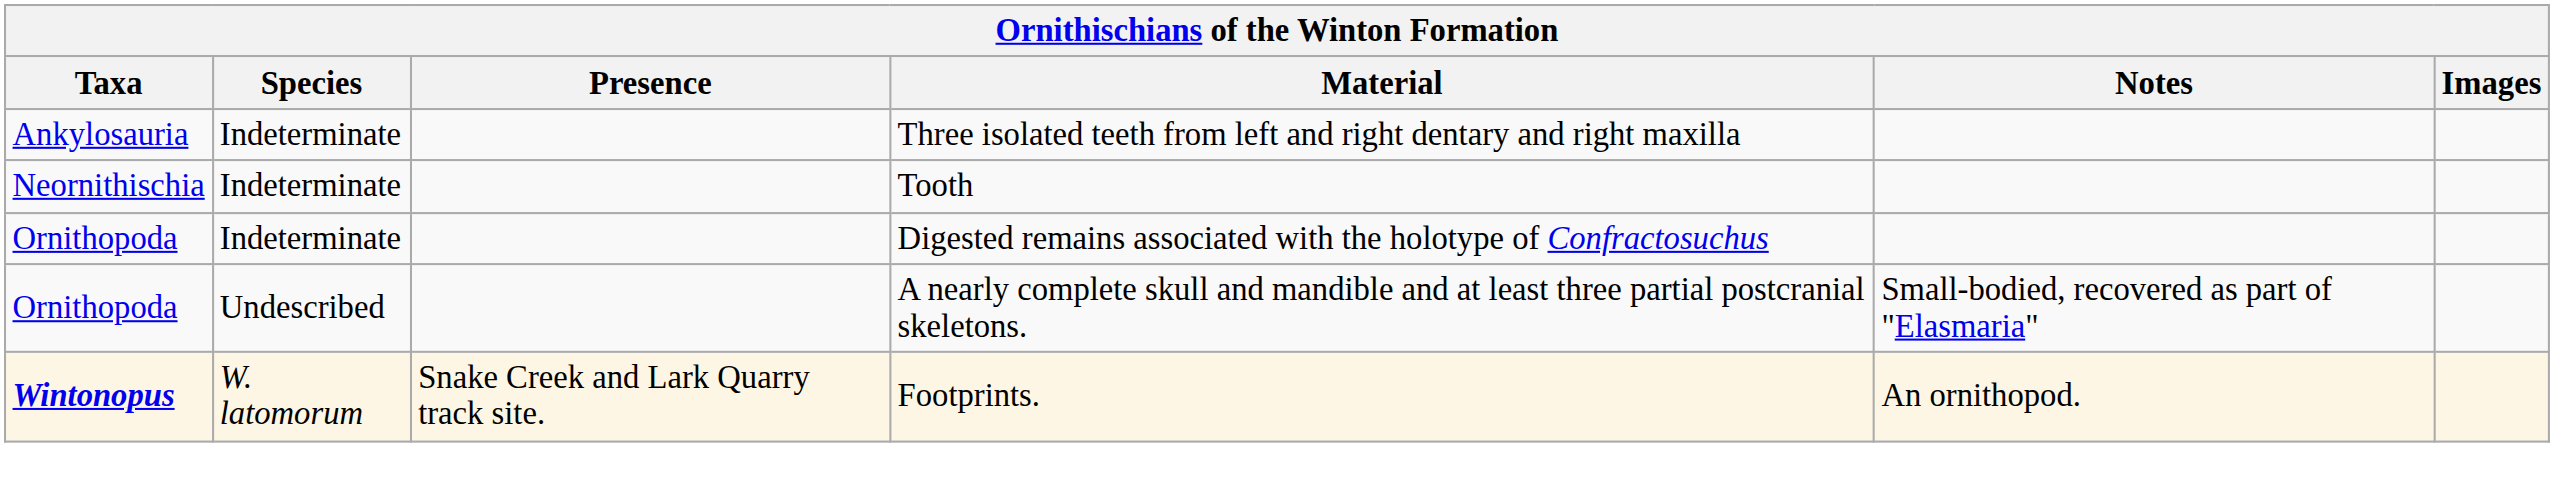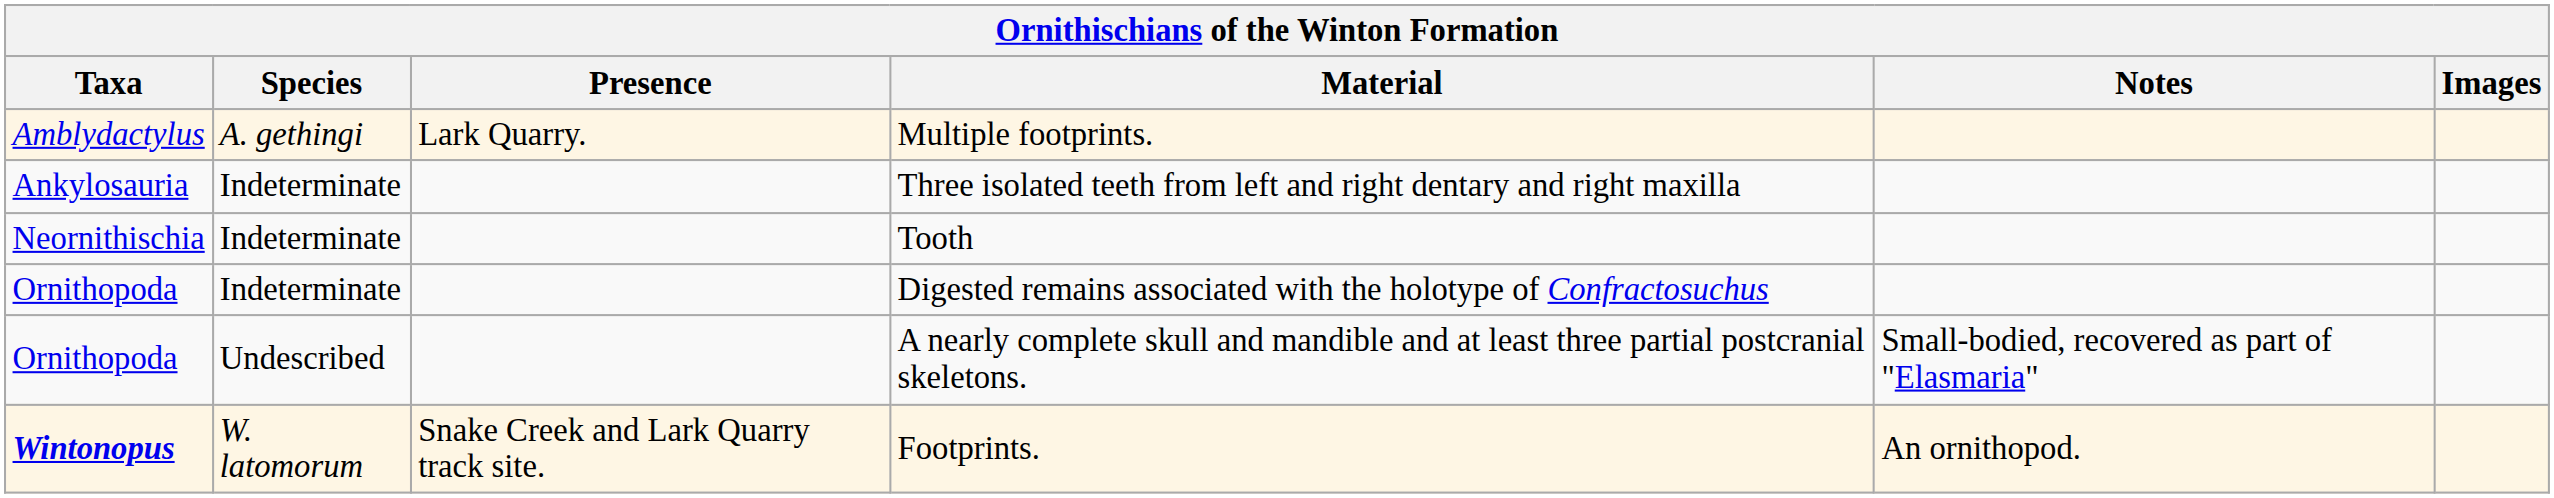 <table class="wikitable" align="center">
 <tr>
 <th colspan="6" align="center"><strong><a href='#'>Ornithischians</a> of the Winton Formation</strong></th>
 </tr>
 <tr>
 <th>Taxa</th>
 <th>Species</th>
 <th>Presence</th>
 <th>Material</th>
 <th>Notes</th>
 <th>Images</th>
+</tr>
+<tr style="background:#FEF6E4;">
+<td><em><a href='#'>Amblydactylus</a></em></td>
+<td><em>A. gethingi</em></td>
+<td>Lark Quarry.</td>
+<td>Multiple footprints.</td>
+<td></td>
+<td></td>
 </tr>
 <tr>
 <td><a href='#'>Ankylosauria</a></td>
 <td>Indeterminate</td>
 <td></td>
 <td>Three isolated teeth from left and right dentary and right maxilla</td>
 <td></td>
 <td></td>
 </tr>
 <tr>
 <td><a href='#'>Neornithischia</a></td>
 <td>Indeterminate</td>
 <td></td>
 <td>Tooth</td>
 <td></td>
 <td></td>
 </tr>
 <tr>
 <td><a href='#'>Ornithopoda</a></td>
 <td>Indeterminate</td>
 <td></td>
 <td>Digested remains associated with the holotype of <em><a href='#'>Confractosuchus</a></em></td>
 <td></td>
 <td></td>
 </tr>
 <tr>
 <td><a href='#'>Ornithopoda</a></td>
 <td>Undescribed</td>
 <td></td>
 <td>A nearly complete skull and mandible and at least three partial postcranial skeletons.</td>
 <td>Small-bodied, recovered as part of "<a href='#'>Elasmaria</a>"</td>
 <td></td>
 </tr>
 <tr style="background:#FEF6E4;">
 <td><strong><em><a href='#'>Wintonopus</a></em></strong></td>
 <td><em>W. latomorum</em></td>
 <td>Snake Creek and Lark Quarry track site.</td>
 <td>Footprints.</td>
 <td>An ornithopod.</td>
 <td></td>
 </tr>
 </table>
